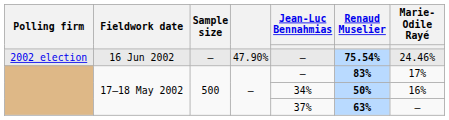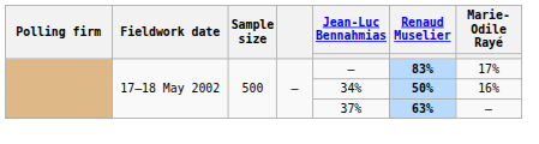 <table class="wikitable sortable" style="text-align:center;font-size:90%;line-height:14px;">
 <tr style="height:40px;">
 <th style="width:100px;" rowspan="2">Polling firm</th>
 <th style="width:110px;" rowspan="2">Fieldwork date</th>
 <th style="width:35px;" rowspan="2">Sample<br>size</th>
 <th style="width:30px;" rowspan="2"></th>
 <th class="unsortable" style="width:60px;"><a href='#'>Jean-Luc Bennahmias</a><br></th>
 <th class="unsortable" style="width:60px;"><a href='#'>Renaud Muselier</a><br></th>
 <th class="unsortable" style="width:60px;">Marie-Odile Rayé<br></th>
 </tr>
 <tr>
 <th style="background:"></th>
 <th style="background:"></th>
 <th style="background:"></th>
-</tr>
-<tr style="background:#E9E9E9;">
-<td><a href='#'>2002 election</a></td>
-<td data-sort-value="2002-06-16">16 Jun 2002</td>
-<td>–</td>
-<td>47.90%</td>
-<td>–</td>
-<td style="background:#B9DAFF;"><strong>75.54%</strong></td>
-<td>24.46%</td>
 </tr>
 <tr>
 <td rowspan="3" style="background:burlywood;"></td>
 <td rowspan="3" data-sort-value="2002-05-18">17–18 May 2002</td>
 <td rowspan="3">500</td>
 <td rowspan="3">–</td>
 <td>–</td>
 <td style="background:#B9DAFF;"><strong>83%</strong></td>
 <td>17%</td>
 </tr>
 <tr>
 <td>34%</td>
 <td style="background:#B9DAFF;"><strong>50%</strong></td>
 <td>16%</td>
 </tr>
 <tr>
 <td>37%</td>
 <td style="background:#B9DAFF;"><strong>63%</strong></td>
 <td>–</td>
 </tr>
 </table>
